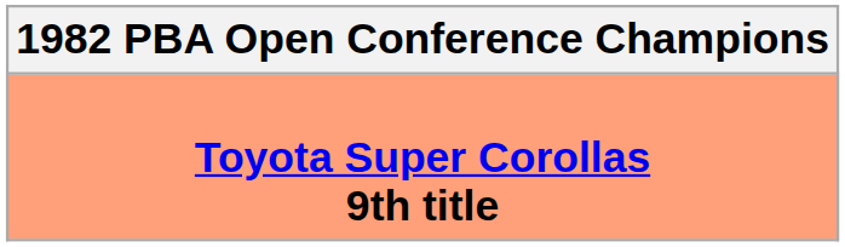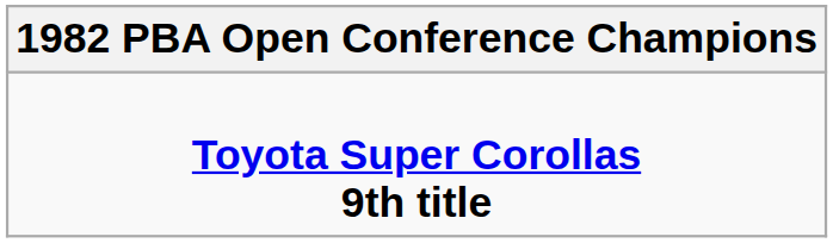 <table class=wikitable style="text-align:center; margin:auto">
 <tr>
 <th>1982 PBA Open Conference Champions</th>
 </tr>
 <tr>
-<td style="background: lightsalmon;"><br> <strong><a href='#'>Toyota Super Corollas</a></strong> <br> <strong>9th title</strong></td>
+<td><br> <strong><a href='#'>Toyota Super Corollas</a></strong> <br> <strong>9th title</strong></td>
 </tr>
 </table>
